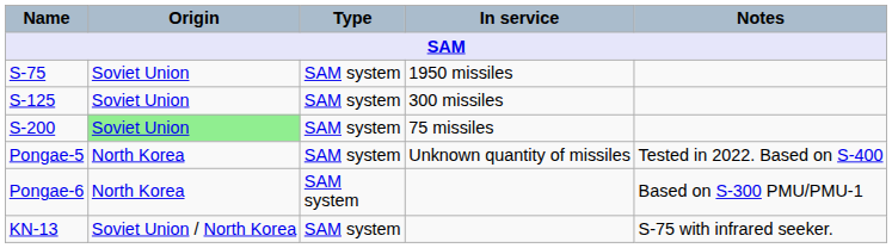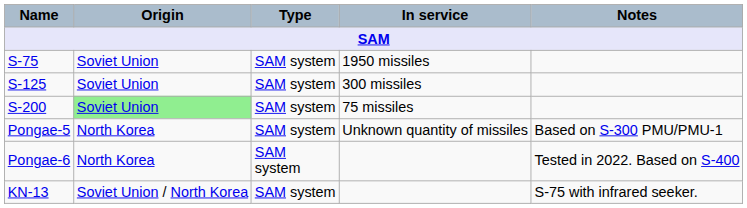 <table class="wikitable">
 <tr>
 <th style="text-align:center; background:#aabccc;">Name</th>
 <th style="text-align: center; background:#aabccc;">Origin</th>
 <th style="text-align:l center; background:#aabccc;">Type</th>
 <th style="text-align:l center; background:#aabccc;">In service</th>
 <th style="text-align: center; background:#aabccc;">Notes</th>
 </tr>
 <tr>
 <th style="align: center; background: lavender;" colspan="7"><a href='#'>SAM</a></th>
 </tr>
 <tr>
 <td><a href='#'>S-75</a></td>
 <td><a href='#'>Soviet Union</a></td>
 <td><a href='#'>SAM</a> system</td>
 <td>1950 missiles</td>
 <td></td>
 </tr>
 <tr>
 <td><a href='#'>S-125</a></td>
 <td><a href='#'>Soviet Union</a></td>
 <td><a href='#'>SAM</a> system</td>
 <td>300 missiles</td>
 <td></td>
 </tr>
 <tr>
 <td><a href='#'>S-200</a></td>
 <td style="background: lightgreen;"><a href='#'>Soviet Union</a></td>
 <td><a href='#'>SAM</a> system</td>
 <td>75 missiles</td>
 <td></td>
 </tr>
 <tr>
 <td><a href='#'>Pongae-5</a></td>
 <td><a href='#'>North Korea</a></td>
 <td><a href='#'>SAM</a> system</td>
 <td>Unknown quantity of missiles</td>
-<td>Tested in 2022. Based on <a href='#'>S-400</a></td>
+<td>Based on <a href='#'>S-300</a> PMU/PMU-1</td>
 </tr>
 <tr>
 <td><a href='#'>Pongae-6</a></td>
 <td><a href='#'>North Korea</a></td>
 <td><a href='#'>SAM</a><br>system</td>
 <td></td>
-<td>Based on <a href='#'>S-300</a> PMU/PMU-1</td>
+<td>Tested in 2022. Based on <a href='#'>S-400</a></td>
 </tr>
 <tr>
 <td><a href='#'>KN-13</a></td>
 <td><a href='#'>Soviet Union</a> / <a href='#'>North Korea</a></td>
 <td><a href='#'>SAM</a> system</td>
 <td></td>
 <td>S-75 with infrared seeker.</td>
 </tr>
 </table>
